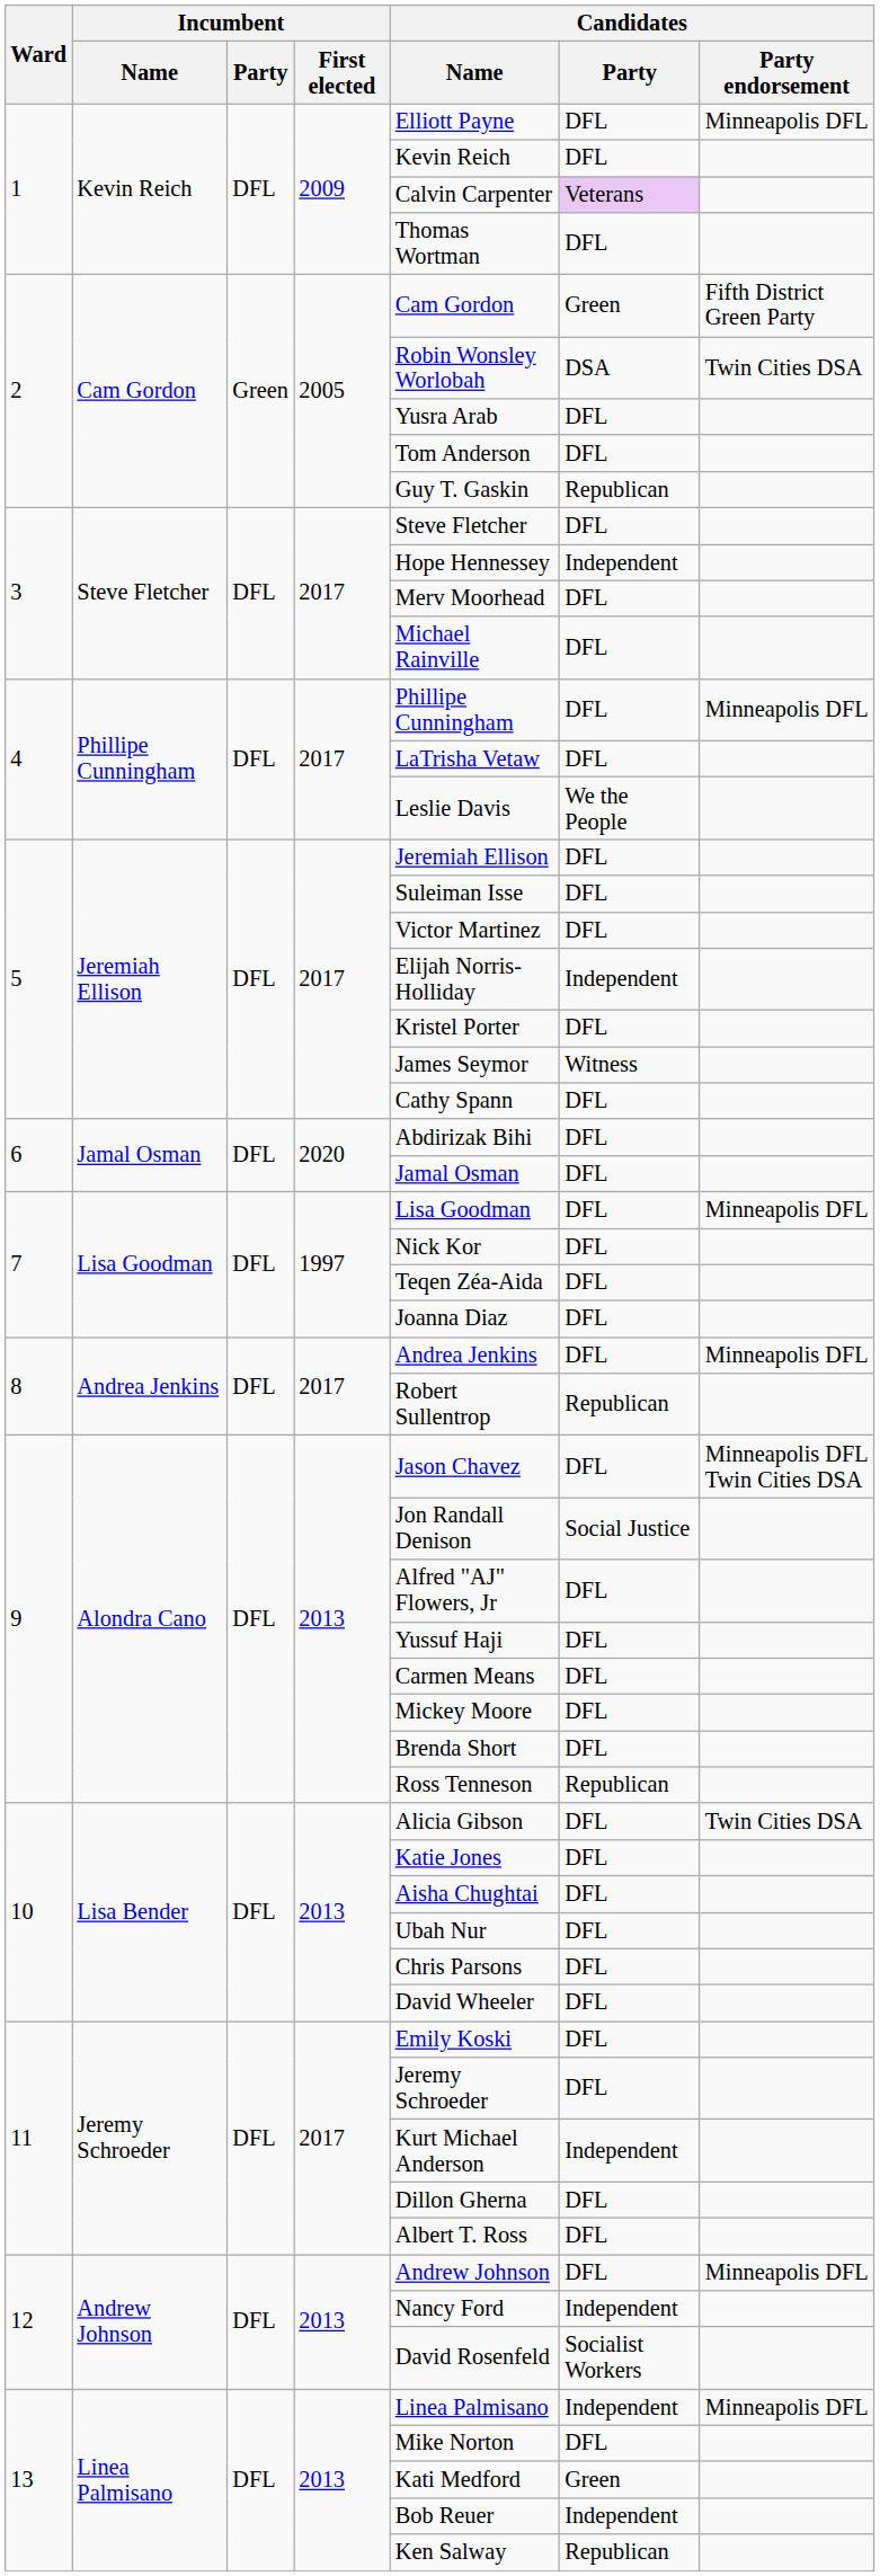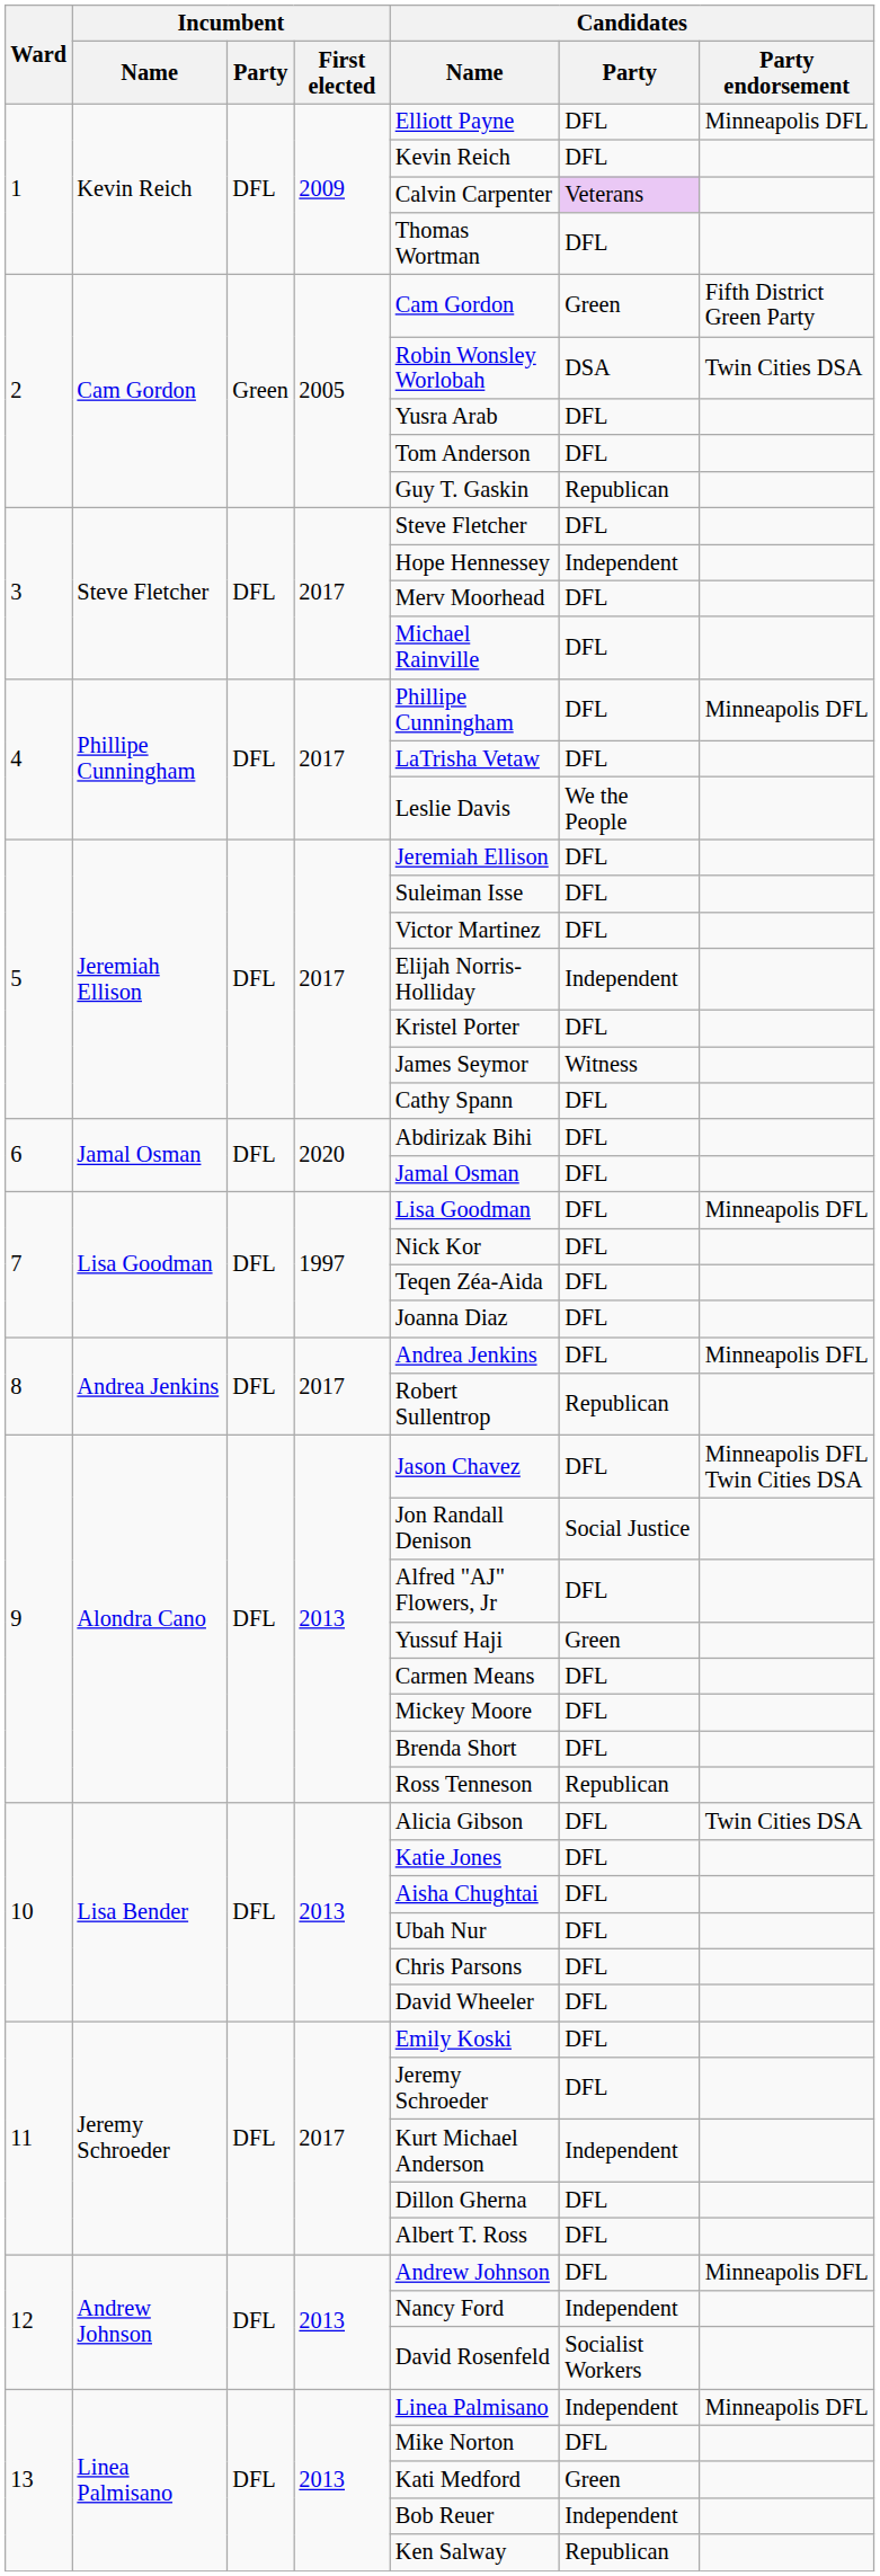 <table class="wikitable">
 <tr>
 <th rowspan="2">Ward</th>
 <th colspan="3">Incumbent</th>
 <th colspan="3">Candidates</th>
 </tr>
 <tr>
 <th>Name</th>
 <th>Party</th>
 <th>First elected</th>
 <th>Name</th>
 <th>Party</th>
 <th>Party endorsement</th>
 </tr>
 <tr>
 <td rowspan="4">1</td>
 <td rowspan="4">Kevin Reich</td>
 <td rowspan="4" >DFL</td>
 <td rowspan="4"><a href='#'>2009</a></td>
 <td><a href='#'>Elliott Payne</a></td>
 <td>DFL</td>
 <td>Minneapolis DFL</td>
 </tr>
 <tr>
 <td>Kevin Reich</td>
 <td>DFL</td>
 <td></td>
 </tr>
 <tr>
 <td>Calvin Carpenter</td>
 <td style="background-color:#eac8f5">Veterans</td>
 <td></td>
 </tr>
 <tr>
 <td>Thomas Wortman</td>
 <td>DFL</td>
 <td></td>
 </tr>
 <tr>
 <td rowspan="5">2</td>
 <td rowspan="5"><a href='#'>Cam Gordon</a></td>
 <td rowspan="5" >Green</td>
 <td rowspan="5">2005</td>
 <td><a href='#'>Cam Gordon</a></td>
 <td>Green</td>
 <td>Fifth District Green Party</td>
 </tr>
 <tr>
 <td><a href='#'>Robin Wonsley Worlobah</a></td>
 <td>DSA</td>
 <td>Twin Cities DSA</td>
 </tr>
 <tr>
 <td>Yusra Arab</td>
 <td>DFL</td>
 <td></td>
 </tr>
 <tr>
 <td>Tom Anderson</td>
 <td>DFL</td>
 <td></td>
 </tr>
 <tr>
 <td>Guy T. Gaskin</td>
 <td>Republican</td>
 <td></td>
 </tr>
 <tr>
 <td rowspan="4">3</td>
 <td rowspan="4">Steve Fletcher</td>
 <td rowspan="4" >DFL</td>
 <td rowspan="4">2017</td>
 <td>Steve Fletcher</td>
 <td>DFL</td>
 <td></td>
 </tr>
 <tr>
 <td>Hope Hennessey</td>
 <td>Independent</td>
 <td></td>
 </tr>
 <tr>
 <td>Merv Moorhead</td>
 <td>DFL</td>
 <td></td>
 </tr>
 <tr>
 <td><a href='#'>Michael Rainville</a></td>
 <td>DFL</td>
 <td></td>
 </tr>
 <tr>
 <td rowspan="3">4</td>
 <td rowspan="3"><a href='#'>Phillipe Cunningham</a></td>
 <td rowspan="3" >DFL</td>
 <td rowspan="3">2017</td>
 <td><a href='#'>Phillipe Cunningham</a></td>
 <td>DFL</td>
 <td>Minneapolis DFL</td>
 </tr>
 <tr>
 <td><a href='#'>LaTrisha Vetaw</a></td>
 <td>DFL</td>
 <td></td>
 </tr>
 <tr>
 <td>Leslie Davis</td>
 <td>We the People</td>
 <td></td>
 </tr>
 <tr>
 <td rowspan="7">5</td>
 <td rowspan="7"><a href='#'>Jeremiah Ellison</a></td>
 <td rowspan="7" >DFL</td>
 <td rowspan="7">2017</td>
 <td><a href='#'>Jeremiah Ellison</a></td>
 <td>DFL</td>
 <td></td>
 </tr>
 <tr>
 <td>Suleiman Isse</td>
 <td>DFL</td>
 <td></td>
 </tr>
 <tr>
 <td>Victor Martinez</td>
 <td>DFL</td>
 <td></td>
 </tr>
 <tr>
 <td>Elijah Norris-Holliday</td>
 <td>Independent</td>
 <td></td>
 </tr>
 <tr>
 <td>Kristel Porter</td>
 <td>DFL</td>
 <td></td>
 </tr>
 <tr>
 <td>James Seymor</td>
 <td>Witness</td>
 <td></td>
 </tr>
 <tr>
 <td>Cathy Spann</td>
 <td>DFL</td>
 <td></td>
 </tr>
 <tr>
 <td rowspan="2">6</td>
 <td rowspan="2"><a href='#'>Jamal Osman</a></td>
 <td rowspan="2" >DFL</td>
 <td rowspan="2">2020</td>
 <td>Abdirizak Bihi</td>
 <td>DFL</td>
 <td></td>
 </tr>
 <tr>
 <td><a href='#'>Jamal Osman</a></td>
 <td>DFL</td>
 <td></td>
 </tr>
 <tr>
 <td rowspan="4">7</td>
 <td rowspan="4"><a href='#'>Lisa Goodman</a></td>
 <td rowspan="4" >DFL</td>
 <td rowspan="4">1997</td>
 <td><a href='#'>Lisa Goodman</a></td>
 <td>DFL</td>
 <td>Minneapolis DFL</td>
 </tr>
 <tr>
 <td>Nick Kor</td>
 <td>DFL</td>
 <td></td>
 </tr>
 <tr>
 <td>Teqen Zéa-Aida</td>
 <td>DFL</td>
 <td></td>
 </tr>
 <tr>
 <td>Joanna Diaz</td>
 <td>DFL</td>
 <td></td>
 </tr>
 <tr>
 <td rowspan="2">8</td>
 <td rowspan="2"><a href='#'>Andrea Jenkins</a></td>
 <td rowspan="2" >DFL</td>
 <td rowspan="2">2017</td>
 <td><a href='#'>Andrea Jenkins</a></td>
 <td>DFL</td>
 <td>Minneapolis DFL</td>
 </tr>
 <tr>
 <td>Robert Sullentrop</td>
 <td>Republican</td>
 <td></td>
 </tr>
 <tr>
 <td rowspan="8">9</td>
 <td rowspan="8"><a href='#'>Alondra Cano</a></td>
 <td rowspan="8" >DFL</td>
 <td rowspan="8"><a href='#'>2013</a></td>
 <td><a href='#'>Jason Chavez</a></td>
 <td>DFL</td>
 <td>Minneapolis DFL<br>Twin Cities DSA</td>
 </tr>
 <tr>
 <td>Jon Randall Denison</td>
 <td>Social Justice</td>
 <td></td>
 </tr>
 <tr>
 <td>Alfred "AJ" Flowers, Jr</td>
 <td>DFL</td>
 <td></td>
 </tr>
 <tr>
 <td>Yussuf Haji</td>
-<td>DFL</td>
+<td>Green</td>
 <td></td>
 </tr>
 <tr>
 <td>Carmen Means</td>
 <td>DFL</td>
 <td></td>
 </tr>
 <tr>
 <td>Mickey Moore</td>
 <td>DFL</td>
 <td></td>
 </tr>
 <tr>
 <td>Brenda Short</td>
 <td>DFL</td>
 <td></td>
 </tr>
 <tr>
 <td>Ross Tenneson</td>
 <td>Republican</td>
 <td></td>
 </tr>
 <tr>
 <td rowspan="6">10</td>
 <td rowspan="6"><a href='#'>Lisa Bender</a></td>
 <td rowspan="6" >DFL</td>
 <td rowspan="6"><a href='#'>2013</a></td>
 <td>Alicia Gibson</td>
 <td>DFL</td>
 <td>Twin Cities DSA</td>
 </tr>
 <tr>
 <td><a href='#'>Katie Jones</a></td>
 <td>DFL</td>
 <td></td>
 </tr>
 <tr>
 <td><a href='#'>Aisha Chughtai</a></td>
 <td>DFL</td>
 <td></td>
 </tr>
 <tr>
 <td>Ubah Nur</td>
 <td>DFL</td>
 <td></td>
 </tr>
 <tr>
 <td>Chris Parsons</td>
 <td>DFL</td>
 <td></td>
 </tr>
 <tr>
 <td>David Wheeler</td>
 <td>DFL</td>
 <td></td>
 </tr>
 <tr>
 <td rowspan="5">11</td>
 <td rowspan="5">Jeremy Schroeder</td>
 <td rowspan="5" >DFL</td>
 <td rowspan="5">2017</td>
 <td><a href='#'>Emily Koski</a></td>
 <td>DFL</td>
 <td></td>
 </tr>
 <tr>
 <td>Jeremy Schroeder</td>
 <td>DFL</td>
 <td></td>
 </tr>
 <tr>
 <td>Kurt Michael Anderson</td>
 <td>Independent</td>
 <td></td>
 </tr>
 <tr>
 <td>Dillon Gherna</td>
 <td>DFL</td>
 <td></td>
 </tr>
 <tr>
 <td>Albert T. Ross</td>
 <td>DFL</td>
 <td></td>
 </tr>
 <tr>
 <td rowspan="3">12</td>
 <td rowspan="3"><a href='#'>Andrew Johnson</a></td>
 <td rowspan="3" >DFL</td>
 <td rowspan="3"><a href='#'>2013</a></td>
 <td><a href='#'>Andrew Johnson</a></td>
 <td>DFL</td>
 <td>Minneapolis DFL</td>
 </tr>
 <tr>
 <td>Nancy Ford</td>
 <td>Independent</td>
 <td></td>
 </tr>
 <tr>
 <td>David Rosenfeld</td>
 <td>Socialist Workers</td>
 <td></td>
 </tr>
 <tr>
 <td rowspan="5">13</td>
 <td rowspan="5"><a href='#'>Linea Palmisano</a></td>
 <td rowspan="5" >DFL</td>
 <td rowspan="5"><a href='#'>2013</a></td>
 <td><a href='#'>Linea Palmisano</a></td>
 <td>Independent</td>
 <td>Minneapolis DFL</td>
 </tr>
 <tr>
 <td>Mike Norton</td>
 <td>DFL</td>
 <td></td>
 </tr>
 <tr>
 <td>Kati Medford</td>
 <td>Green</td>
 <td></td>
 </tr>
 <tr>
 <td>Bob Reuer</td>
 <td>Independent</td>
 <td></td>
 </tr>
 <tr>
 <td>Ken Salway</td>
 <td>Republican</td>
 <td></td>
 </tr>
 </table>
